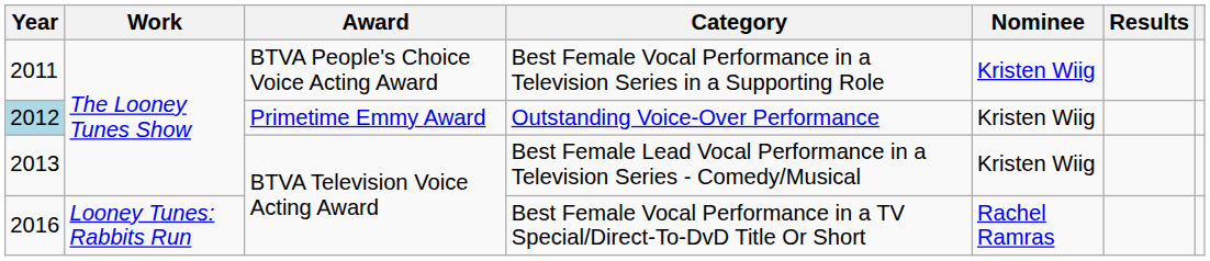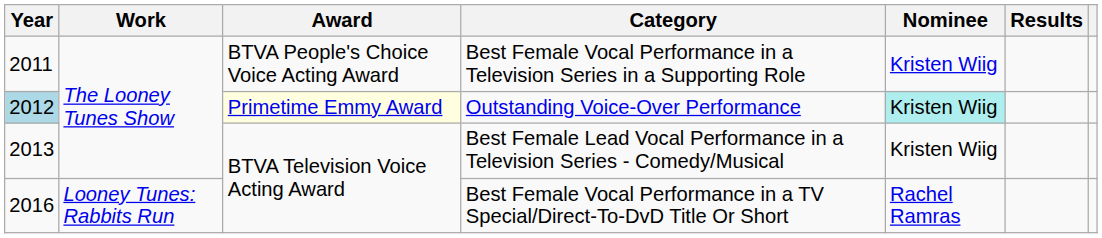 <table class="wikitable">
 <tr>
 <th>Year</th>
 <th>Work</th>
 <th>Award</th>
 <th>Category</th>
 <th>Nominee</th>
 <th>Results</th>
 <th></th>
 </tr>
 <tr>
 <td>2011</td>
 <td rowspan="3"><em><a href='#'>The Looney Tunes Show</a></em></td>
 <td>BTVA People's Choice Voice Acting Award</td>
 <td>Best Female Vocal Performance in a Television Series in a Supporting Role</td>
 <td><a href='#'>Kristen Wiig</a></td>
 <td></td>
 <td></td>
 </tr>
 <tr>
 <td style="background: lightblue;">2012</td>
-<td><a href='#'>Primetime Emmy Award</a></td>
+<td style="background: lightyellow;"><a href='#'>Primetime Emmy Award</a></td>
 <td><a href='#'>Outstanding Voice-Over Performance</a></td>
-<td>Kristen Wiig</td>
+<td style="background: paleturquoise;">Kristen Wiig</td>
 <td></td>
 <td></td>
 </tr>
 <tr>
 <td>2013</td>
 <td rowspan="2">BTVA Television Voice Acting Award</td>
 <td>Best Female Lead Vocal Performance in a Television Series - Comedy/Musical</td>
 <td>Kristen Wiig</td>
 <td></td>
 <td></td>
 </tr>
 <tr>
 <td>2016</td>
 <td><em><a href='#'>Looney Tunes: Rabbits Run</a></em></td>
 <td>Best Female Vocal Performance in a TV Special/Direct-To-DvD Title Or Short</td>
 <td><a href='#'>Rachel Ramras</a></td>
 <td></td>
 <td></td>
 </tr>
 </table>
